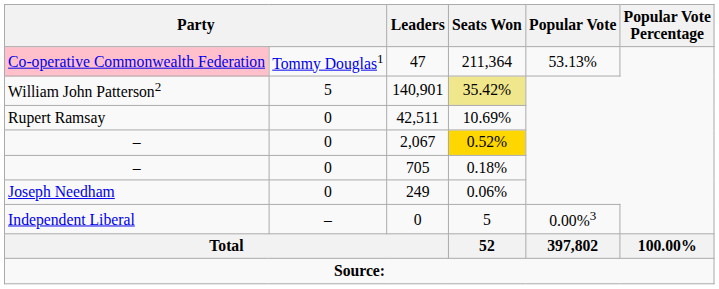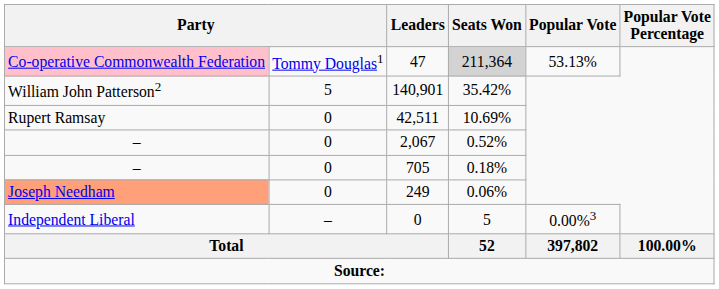 <table class="wikitable">
 <tr>
 <th colspan="2">Party</th>
 <th>Leaders</th>
 <th>Seats Won</th>
 <th>Popular Vote</th>
 <th>Popular Vote<br>Percentage</th>
 </tr>
 <tr>
 <td style="background: pink;"><a href='#'>Co-operative Commonwealth Federation</a></td>
 <td><a href='#'>Tommy Douglas</a><sup>1</sup></td>
 <td align=center>47</td>
-<td align=center>211,364</td>
+<td align=center style="background: lightgrey;">211,364</td>
 <td align=center>53.13%</td>
 </tr>
 <tr>
 <td>William John Patterson<sup>2</sup></td>
 <td align=center>5</td>
 <td align=center>140,901</td>
-<td align=center style="background: khaki;">35.42%</td>
+<td align=center>35.42%</td>
 </tr>
 <tr>
 <td>Rupert Ramsay</td>
 <td align=center>0</td>
 <td align=center>42,511</td>
 <td align=center>10.69%</td>
 </tr>
 <tr>
 <td align=center>–</td>
 <td align=center>0</td>
 <td align=center>2,067</td>
-<td align=center style="background: gold;">0.52%</td>
+<td align=center>0.52%</td>
 </tr>
 <tr>
 <td align=center>–</td>
 <td align=center>0</td>
 <td align=center>705</td>
 <td align=center>0.18%</td>
 </tr>
 <tr>
-<td><a href='#'>Joseph Needham</a></td>
+<td style="background: lightsalmon;"><a href='#'>Joseph Needham</a></td>
 <td align=center>0</td>
 <td align=center>249</td>
 <td align=center>0.06%</td>
 </tr>
 <tr>
 <td><a href='#'>Independent Liberal</a></td>
 <td align=center>–</td>
 <td align=center>0</td>
 <td align=center>5</td>
 <td align=center>0.00%<sup>3</sup></td>
 </tr>
 <tr>
 <th colspan=3>Total</th>
 <th>52</th>
 <th>397,802</th>
 <th>100.00%</th>
 </tr>
 <tr>
 <td align="center" colspan=6><strong>Source:</strong> </td>
 </tr>
 </table>
